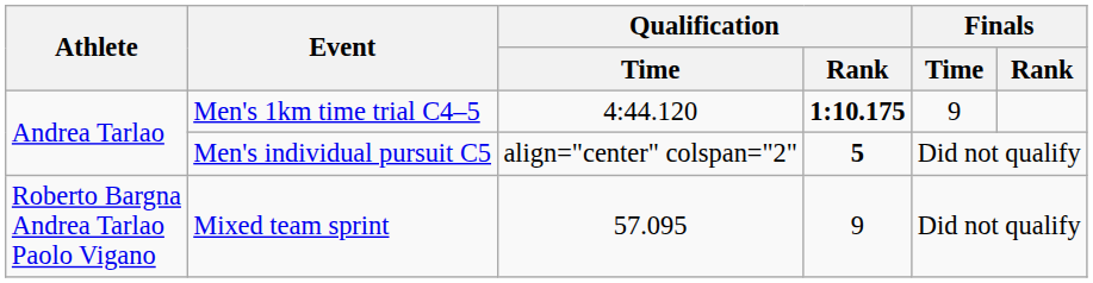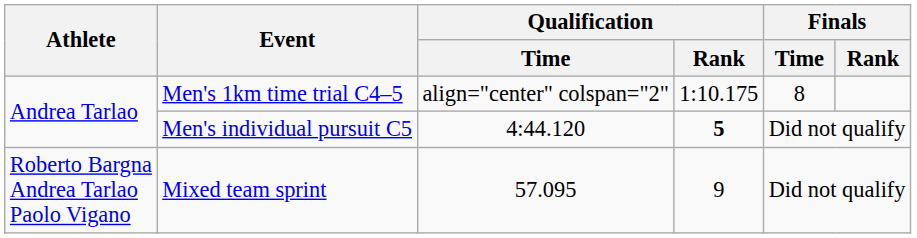 <table class=wikitable>
 <tr>
 <th rowspan="2">Athlete</th>
 <th rowspan="2">Event</th>
 <th colspan="2">Qualification</th>
 <th colspan="2">Finals</th>
 </tr>
 <tr>
 <th>Time</th>
 <th>Rank</th>
 <th>Time</th>
 <th>Rank</th>
 </tr>
 <tr>
 <td rowspan="2"><a href='#'>Andrea Tarlao</a></td>
 <td><a href='#'>Men's 1km time trial C4–5</a></td>
-<td align="center">4:44.120</td>
-<td align="center"><strong>1:10.175</strong></td>
-<td align="center">9</td>
+<td>align="center" colspan="2" </td>
+<td align="center">1:10.175</td>
+<td align="center">8</td>
 </tr>
 <tr>
 <td><a href='#'>Men's individual pursuit C5</a></td>
-<td>align="center" colspan="2" </td>
+<td align="center">4:44.120</td>
 <td align="center"><strong>5</strong></td>
 <td align="center" colspan="2">Did not qualify</td>
 </tr>
 <tr>
 <td><a href='#'>Roberto Bargna</a><br><a href='#'>Andrea Tarlao</a><br><a href='#'>Paolo Vigano</a></td>
 <td><a href='#'>Mixed team sprint</a></td>
 <td align="center">57.095</td>
 <td align="center">9</td>
 <td align="center" colspan="2">Did not qualify</td>
 </tr>
 </table>
